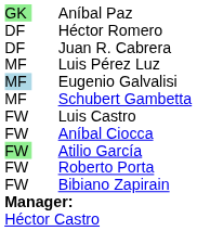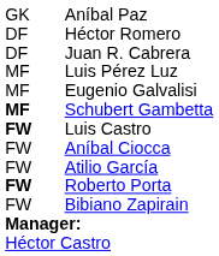 <table style="font-size:90%; margin:0.2em auto;" cellspacing="0" cellpadding="0">
 <tr>
 <th width="25"></th>
 <th width="25"></th>
 </tr>
 <tr>
-<td style="background: lightgreen;">GK</td>
+<td>GK</td>
 <td></td>
 <td> Aníbal Paz</td>
 </tr>
 <tr>
 <td>DF</td>
 <td></td>
 <td> Héctor Romero</td>
 </tr>
 <tr>
 <td>DF</td>
 <td></td>
 <td> Juan R. Cabrera</td>
 </tr>
 <tr>
 <td>MF</td>
 <td></td>
 <td> Luis Pérez Luz</td>
 </tr>
 <tr>
-<td style="background: lightblue;">MF</td>
+<td>MF</td>
 <td></td>
 <td> Eugenio Galvalisi</td>
 </tr>
 <tr>
-<td>MF</td>
+<td><strong>MF</strong></td>
 <td></td>
 <td> <a href='#'>Schubert Gambetta</a></td>
 </tr>
 <tr>
-<td>FW</td>
+<td><strong>FW</strong></td>
 <td></td>
 <td> Luis Castro</td>
 </tr>
 <tr>
 <td>FW</td>
 <td></td>
 <td> <a href='#'>Aníbal Ciocca</a></td>
 </tr>
 <tr>
-<td style="background: lightgreen;">FW</td>
+<td>FW</td>
 <td></td>
 <td> <a href='#'>Atilio García</a></td>
 </tr>
 <tr>
-<td>FW</td>
+<td><strong>FW</strong></td>
 <td></td>
 <td> <a href='#'>Roberto Porta</a></td>
 </tr>
 <tr>
 <td>FW</td>
 <td></td>
 <td> <a href='#'>Bibiano Zapirain</a></td>
 </tr>
 <tr>
 <td colspan=3><strong>Manager:</strong></td>
 </tr>
 <tr>
 <td colspan=4> <a href='#'>Héctor Castro</a></td>
 </tr>
 </table>
